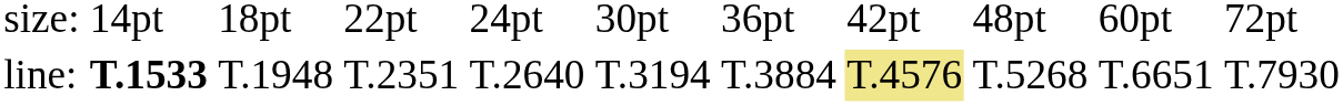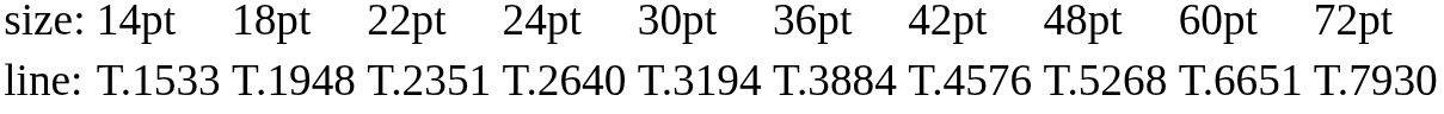 <table style="margin-left:40px;">
 <tr>
 <td>size:</td>
 <td>14pt</td>
 <td>18pt</td>
 <td>22pt</td>
 <td>24pt</td>
 <td>30pt</td>
 <td>36pt</td>
 <td>42pt</td>
 <td>48pt</td>
 <td>60pt</td>
 <td>72pt</td>
 </tr>
 <tr>
 <td>line:</td>
-<td><strong>T.1533</strong></td>
+<td>T.1533</td>
 <td>T.1948</td>
 <td>T.2351</td>
 <td>T.2640</td>
 <td>T.3194</td>
 <td>T.3884</td>
-<td style="background: khaki;">T.4576</td>
+<td>T.4576</td>
 <td>T.5268</td>
 <td>T.6651</td>
 <td>T.7930</td>
 </tr>
 </table>
